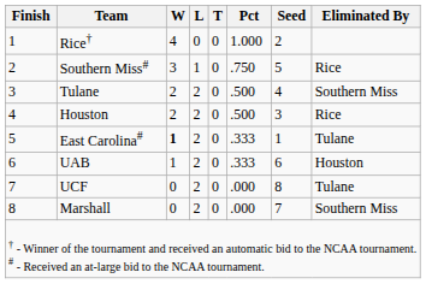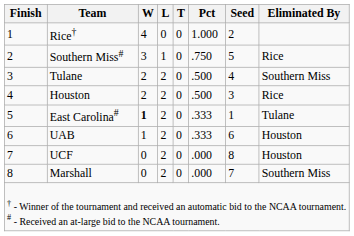 <table class="wikitable sortable">
 <tr>
 <th>Finish</th>
 <th>Team</th>
 <th>W</th>
 <th>L</th>
 <th>T</th>
 <th>Pct</th>
 <th>Seed</th>
 <th>Eliminated By</th>
 </tr>
 <tr>
 <td>1</td>
 <td>Rice<sup>†</sup></td>
 <td>4</td>
 <td>0</td>
 <td>0</td>
 <td>1.000</td>
 <td>2</td>
 <td></td>
 </tr>
 <tr>
 <td>2</td>
 <td>Southern Miss<sup>#</sup></td>
 <td>3</td>
 <td>1</td>
 <td>0</td>
 <td>.750</td>
 <td>5</td>
 <td>Rice</td>
 </tr>
 <tr>
 <td>3</td>
 <td>Tulane</td>
 <td>2</td>
 <td>2</td>
 <td>0</td>
 <td>.500</td>
 <td>4</td>
 <td>Southern Miss</td>
 </tr>
 <tr>
 <td>4</td>
 <td>Houston</td>
 <td>2</td>
 <td>2</td>
 <td>0</td>
 <td>.500</td>
 <td>3</td>
 <td>Rice</td>
 </tr>
 <tr>
 <td>5</td>
 <td>East Carolina<sup>#</sup></td>
 <td><strong>1</strong></td>
 <td>2</td>
 <td>0</td>
 <td>.333</td>
 <td>1</td>
 <td>Tulane</td>
 </tr>
 <tr>
 <td>6</td>
 <td>UAB</td>
 <td>1</td>
 <td>2</td>
 <td>0</td>
 <td>.333</td>
 <td>6</td>
 <td>Houston</td>
 </tr>
 <tr>
 <td>7</td>
 <td>UCF</td>
 <td>0</td>
 <td>2</td>
 <td>0</td>
 <td>.000</td>
 <td>8</td>
-<td>Tulane</td>
+<td>Houston</td>
 </tr>
 <tr>
 <td>8</td>
 <td>Marshall</td>
 <td>0</td>
 <td>2</td>
 <td>0</td>
 <td>.000</td>
 <td>7</td>
 <td>Southern Miss</td>
 </tr>
 <tr>
 <td colspan=8><br><small><sup>†</sup> - Winner of the tournament and received an automatic bid to the NCAA tournament.<br> <sup>#</sup> - Received an at-large bid to the NCAA tournament.</small></td>
 </tr>
 </table>
